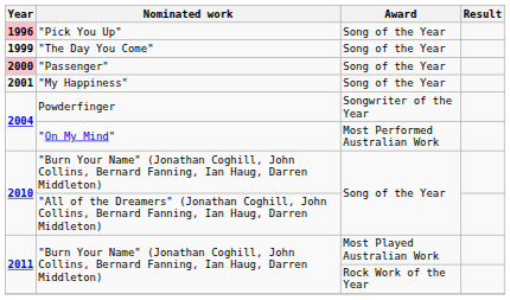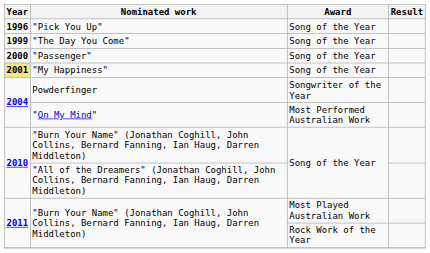 <table class="wikitable">
 <tr>
 <th>Year</th>
 <th>Nominated work</th>
 <th>Award</th>
 <th>Result</th>
 </tr>
 <tr>
-<td style="background: pink;"><strong>1996</strong></td>
+<td><strong>1996</strong></td>
 <td>"Pick You Up"</td>
 <td>Song of the Year</td>
 <td></td>
 </tr>
 <tr>
 <td><strong>1999</strong></td>
 <td>"The Day You Come"</td>
 <td>Song of the Year</td>
 <td></td>
 </tr>
 <tr>
-<td style="background: pink;"><strong>2000</strong></td>
+<td><strong>2000</strong></td>
 <td>"Passenger"</td>
 <td>Song of the Year</td>
 <td></td>
 </tr>
 <tr>
-<td><strong>2001</strong></td>
+<td style="background: khaki;"><strong>2001</strong></td>
 <td>"My Happiness"</td>
 <td>Song of the Year</td>
 <td></td>
 </tr>
 <tr>
 <td rowspan="2"><strong><a href='#'>2004</a></strong></td>
 <td>Powderfinger</td>
 <td>Songwriter of the Year</td>
 <td></td>
 </tr>
 <tr>
 <td>"<a href='#'>On My Mind</a>"</td>
 <td>Most Performed Australian Work</td>
 <td></td>
 </tr>
 <tr>
 <td rowspan="2"><strong><a href='#'>2010</a></strong></td>
 <td>"Burn Your Name" (Jonathan Coghill, John Collins, Bernard Fanning, Ian Haug, Darren Middleton)</td>
 <td rowspan="2">Song of the Year</td>
 <td></td>
 </tr>
 <tr>
 <td>"All of the Dreamers" (Jonathan Coghill, John Collins, Bernard Fanning, Ian Haug, Darren Middleton)</td>
 <td></td>
 </tr>
 <tr>
 <td rowspan="2"><strong><a href='#'>2011</a></strong></td>
 <td rowspan="2">"Burn Your Name" (Jonathan Coghill, John Collins, Bernard Fanning, Ian Haug, Darren Middleton)</td>
 <td>Most Played Australian Work</td>
 <td></td>
 </tr>
 <tr>
 <td>Rock Work of the Year</td>
 <td></td>
 </tr>
 <tr>
 </tr>
 </table>
